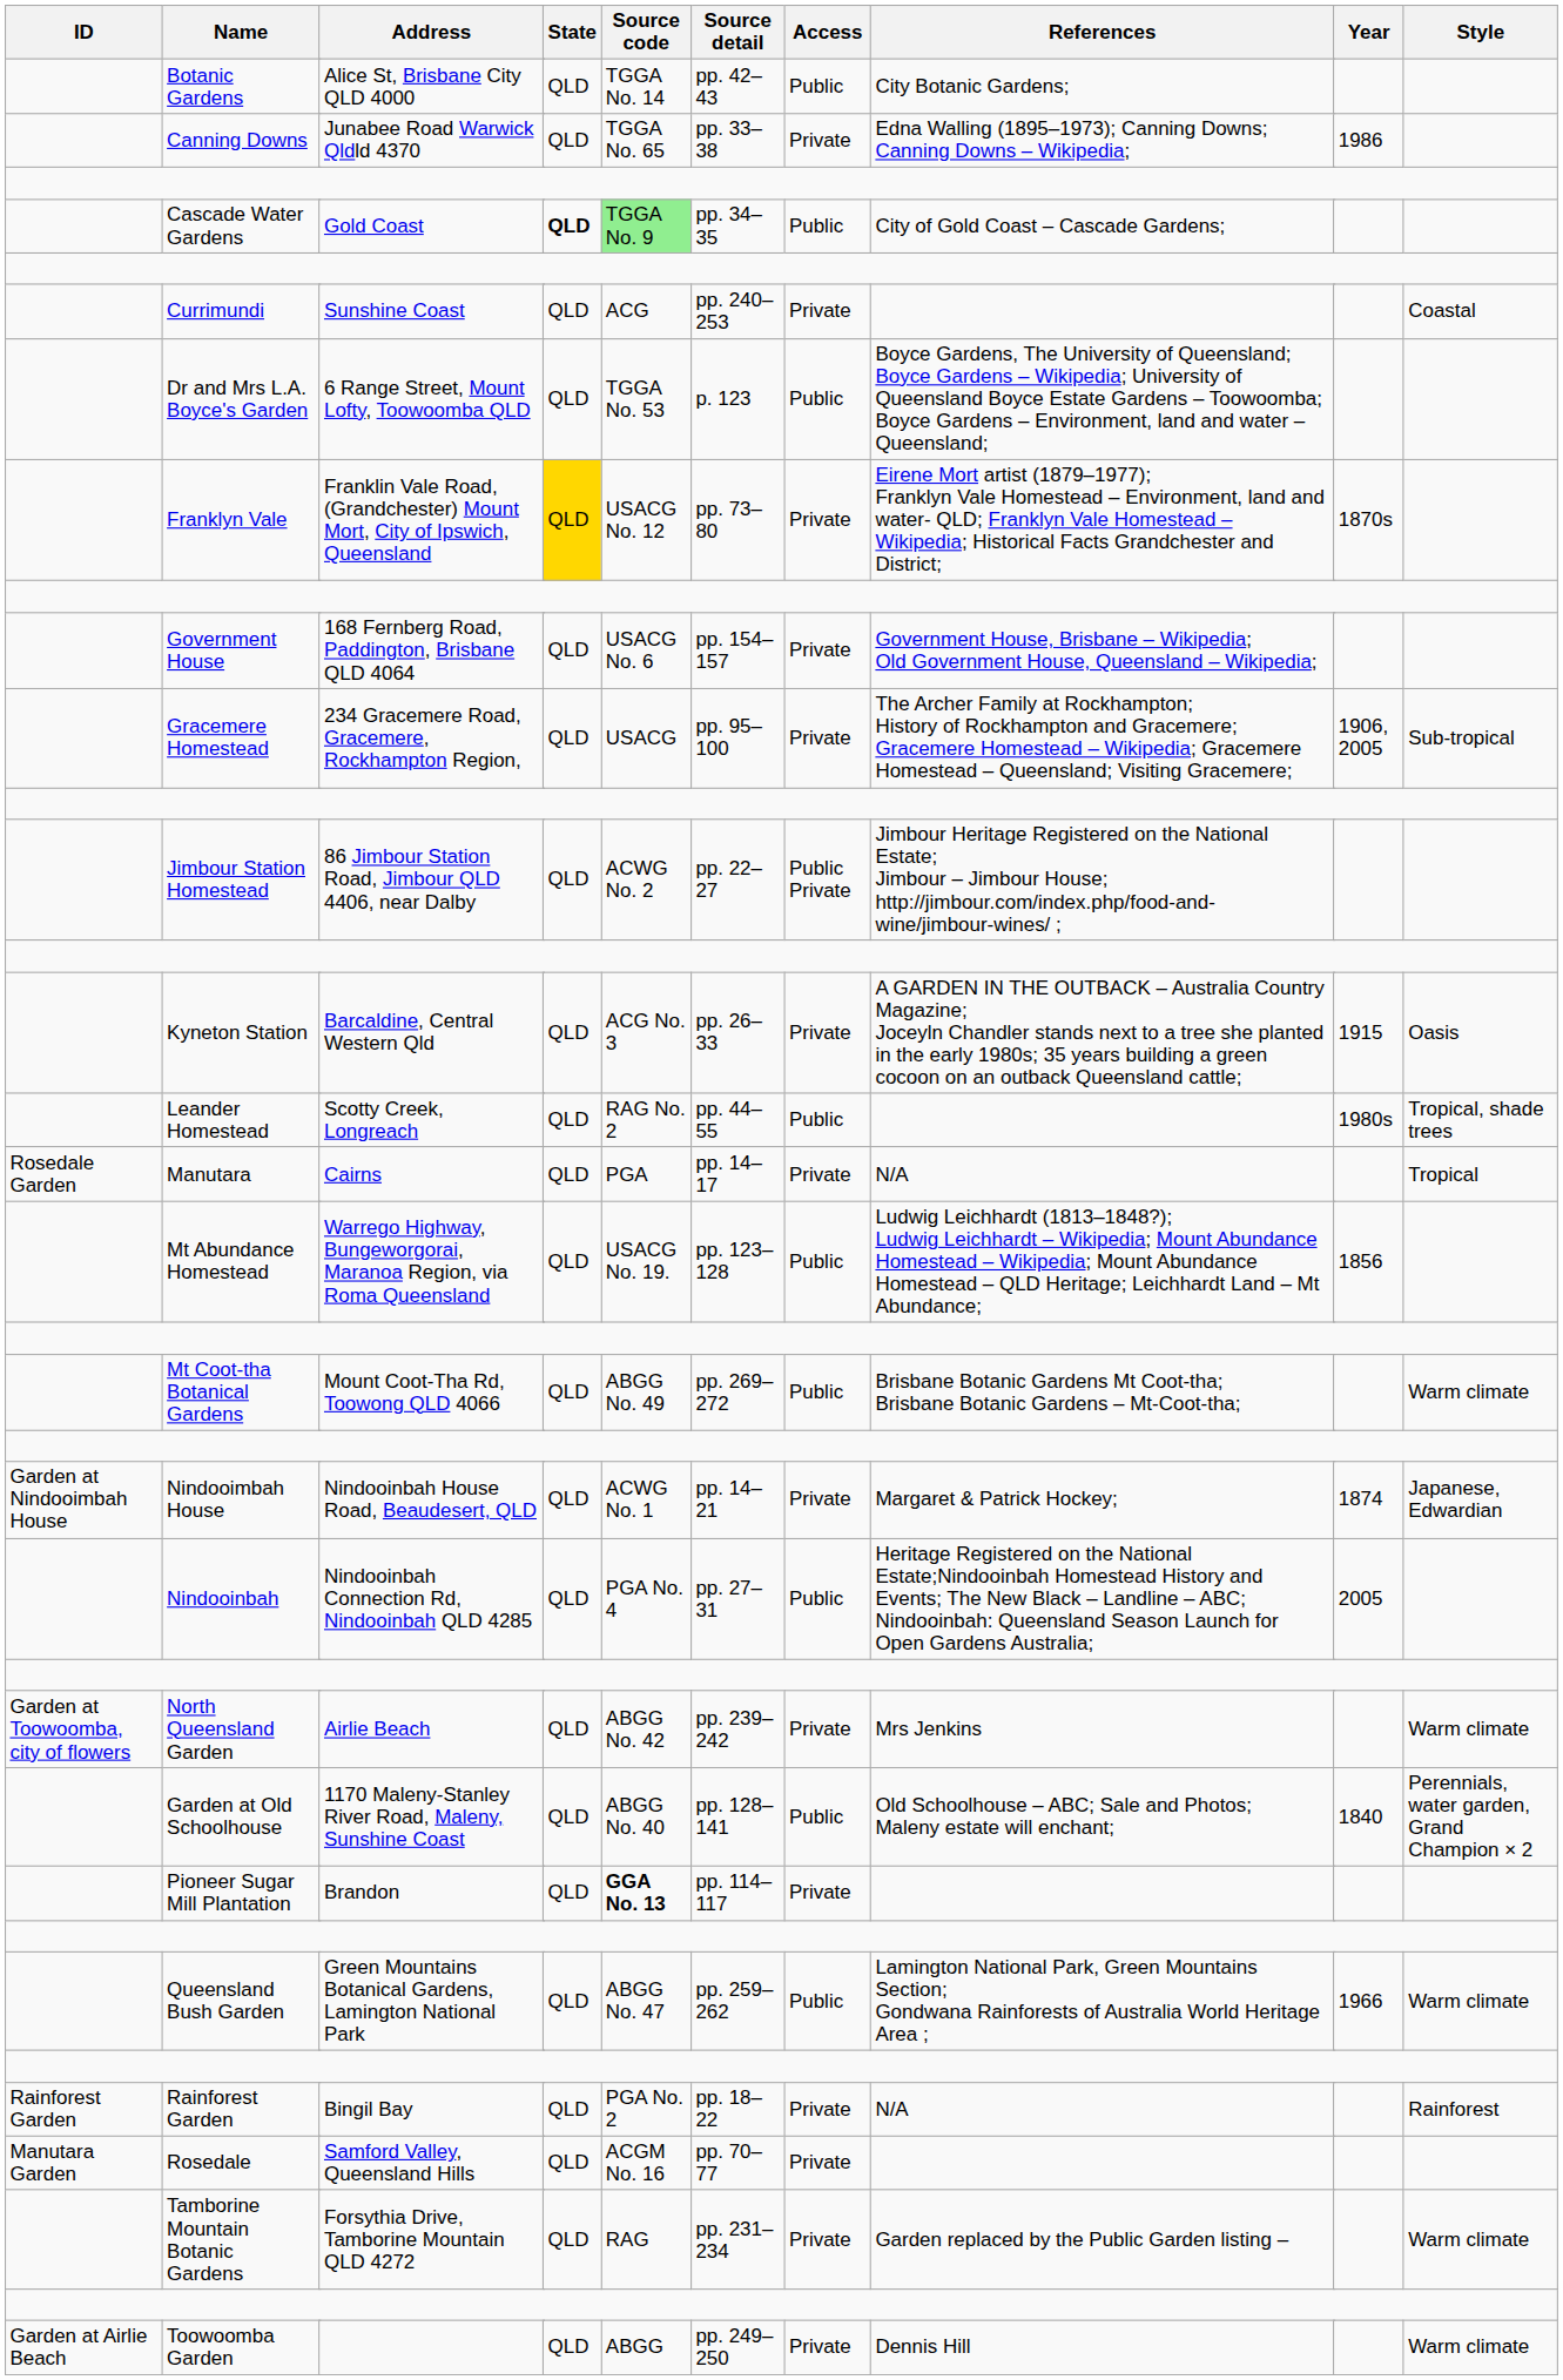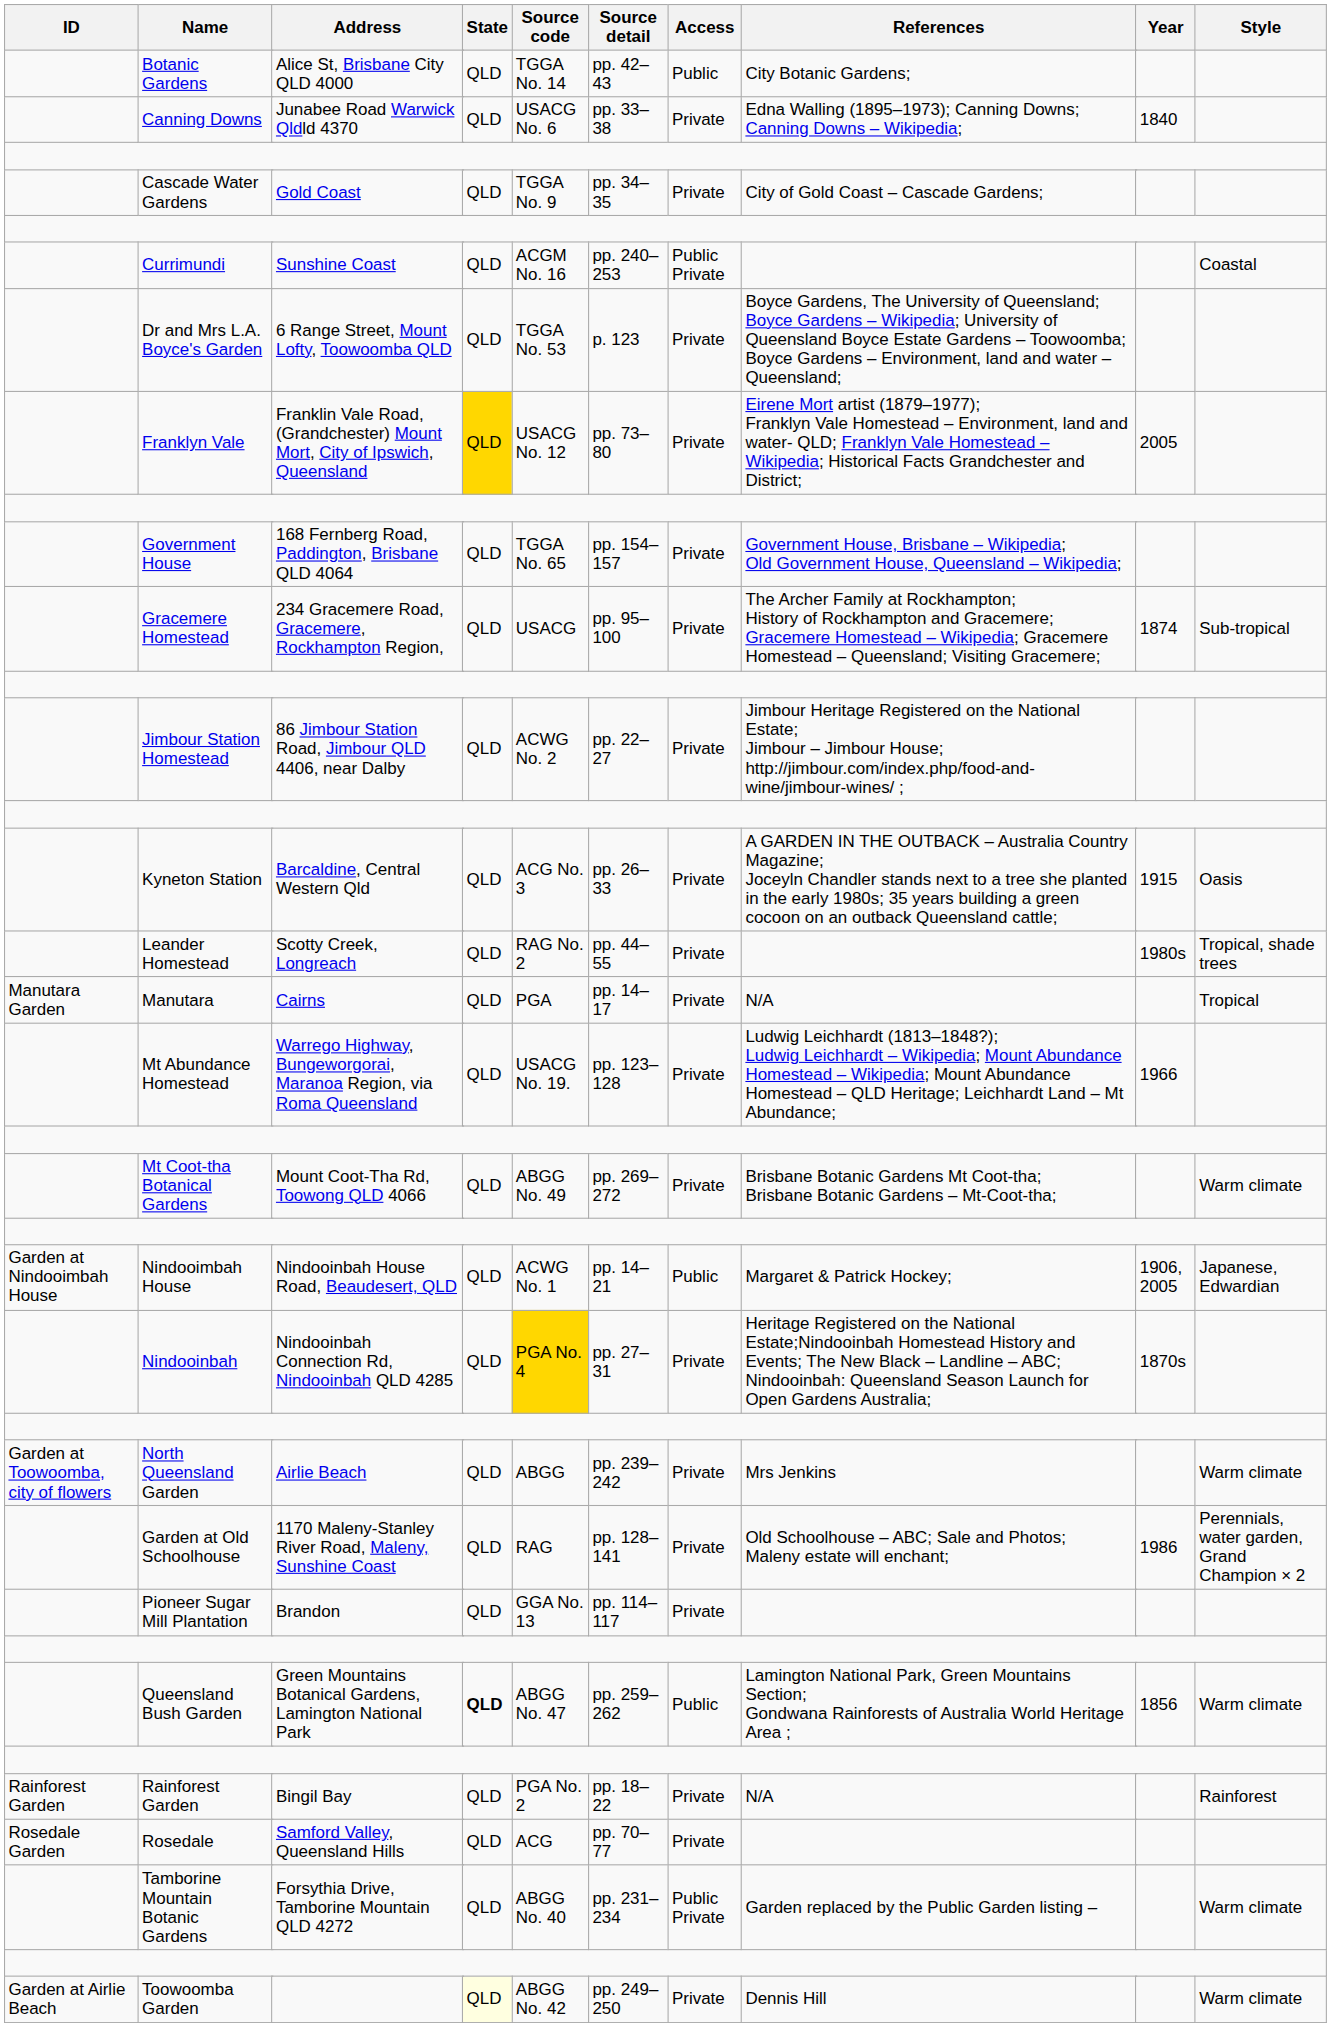 <table class="wikitable">
 <tr>
 <th colspan="1">ID</th>
 <th colspan="2">Name</th>
 <th colspan="3">Address</th>
 <th colspan="1">State</th>
 <th colspan="1">Source code</th>
 <th colspan="2">Source detail</th>
 <th colspan="1">Access</th>
 <th colspan="5">References</th>
 <th colspan="1">Year</th>
 <th colspan="2">Style</th>
 </tr>
 <tr>
 <td colspan="1"><br></td>
 <td colspan="2"><a href='#'>Botanic Gardens</a></td>
 <td colspan="3">Alice St, <a href='#'>Brisbane</a> City QLD 4000</td>
 <td colspan="1">QLD</td>
 <td colspan="1">TGGA No. 14</td>
 <td colspan="2">pp. 42–43</td>
 <td colspan="1">Public</td>
 <td colspan="5">City Botanic Gardens;</td>
 <td colspan="1"></td>
 <td colspan="2"></td>
 </tr>
 <tr>
 <td colspan="1"><br></td>
 <td colspan="2"><a href='#'>Canning Downs</a></td>
 <td colspan="3">Junabee Road <a href='#'>Warwick Qld</a>ld 4370</td>
 <td colspan="1">QLD</td>
-<td colspan="1">TGGA No. 65</td>
+<td colspan="1">USACG No. 6</td>
 <td colspan="2">pp. 33–38</td>
 <td colspan="1">Private</td>
 <td colspan="5">Edna Walling (1895–1973); Canning Downs;<br><a href='#'>Canning Downs – Wikipedia</a>;</td>
-<td colspan="1">1986</td>
+<td colspan="1">1840</td>
 <td colspan="2"></td>
 </tr>
 <tr>
 <td Colspan="19"><br></td>
 </tr>
 <tr>
 <td colspan="1"><br></td>
 <td colspan="2">Cascade Water Gardens</td>
 <td colspan="3"><a href='#'>Gold Coast</a></td>
-<td colspan="1"><strong>QLD</strong></td>
-<td colspan="1" style="background: lightgreen;">TGGA No. 9</td>
+<td colspan="1">QLD</td>
+<td colspan="1">TGGA No. 9</td>
 <td colspan="2">pp. 34–35</td>
-<td colspan="1">Public</td>
+<td colspan="1">Private</td>
 <td colspan="5">City of Gold Coast – Cascade Gardens;</td>
 <td colspan="1"></td>
 <td colspan="2"></td>
 </tr>
 <tr>
 <td colspan="19"><br></td>
 </tr>
 <tr>
 <td colspan="1"><br></td>
 <td colspan="2"><a href='#'>Currimundi</a></td>
 <td colspan="3"><a href='#'>Sunshine Coast</a></td>
 <td colspan="1">QLD</td>
-<td colspan="1">ACG</td>
+<td colspan="1">ACGM No. 16</td>
 <td colspan="2">pp. 240–253</td>
-<td colspan="1">Private</td>
+<td colspan="1">Public	Private</td>
 <td colspan="5"></td>
 <td colspan="1"></td>
 <td colspan="2">Coastal</td>
 </tr>
 <tr>
 <td colspan="1"><br></td>
 <td colspan="2">Dr and Mrs L.A. <a href='#'>Boyce's Garden</a></td>
 <td colspan="3">6 Range Street, <a href='#'>Mount Lofty</a>, <a href='#'>Toowoomba QLD</a></td>
 <td colspan="1">QLD</td>
 <td colspan="1">TGGA No. 53</td>
 <td colspan="2">p. 123</td>
-<td colspan="1">Public</td>
+<td colspan="1">Private</td>
 <td colspan="5">Boyce Gardens, The University of Queensland;<br><a href='#'>Boyce Gardens – Wikipedia</a>; University of Queensland Boyce Estate Gardens – Toowoomba; Boyce Gardens – Environment, land and water – Queensland;</td>
 <td colspan="1"></td>
 <td colspan="2"></td>
 </tr>
 <tr>
 <td colspan="1"><br></td>
 <td colspan="2"><a href='#'>Franklyn Vale</a></td>
 <td colspan="3">Franklin Vale Road,(Grandchester) <a href='#'>Mount Mort</a>, <a href='#'>City of Ipswich</a>, <a href='#'>Queensland</a></td>
 <td colspan="1" style="background: gold;">QLD</td>
 <td colspan="1">USACG No. 12</td>
 <td colspan="2">pp. 73–80</td>
 <td colspan="1">Private</td>
 <td colspan="5"><a href='#'>Eirene Mort</a> artist (1879–1977);<br>Franklyn Vale Homestead – Environment, land and water- QLD;  <a href='#'>Franklyn Vale Homestead – Wikipedia</a>;  Historical Facts Grandchester and District;</td>
-<td colspan="1">1870s</td>
+<td colspan="1">2005</td>
 <td colspan="2"></td>
 </tr>
 <tr>
 <td colspan="19"><br></td>
 </tr>
 <tr>
 <td colspan="1"><br></td>
 <td colspan="2"><a href='#'>Government House</a></td>
 <td colspan="3">168 Fernberg Road, <a href='#'>Paddington</a>, <a href='#'>Brisbane</a> QLD 4064</td>
 <td colspan="1">QLD</td>
-<td colspan="1">USACG No. 6</td>
+<td colspan="1">TGGA No. 65</td>
 <td colspan="2">pp. 154–157</td>
 <td colspan="1">Private</td>
 <td colspan="5"><a href='#'>Government House, Brisbane – Wikipedia</a>;<br><a href='#'>Old Government House, Queensland – Wikipedia</a>;</td>
 <td colspan="1"></td>
 <td colspan="2"></td>
 </tr>
 <tr>
 <td colspan="1"><br></td>
 <td colspan="2"><a href='#'>Gracemere Homestead</a></td>
 <td colspan="3">234 Gracemere Road, <a href='#'>Gracemere</a>, <a href='#'>Rockhampton</a> Region,</td>
 <td colspan="1">QLD</td>
 <td colspan="1">USACG</td>
 <td colspan="2">pp. 95–100</td>
 <td colspan="1">Private</td>
 <td colspan="5">The Archer Family at Rockhampton;<br>History of Rockhampton and Gracemere;  <a href='#'>Gracemere Homestead – Wikipedia</a>;  Gracemere Homestead – Queensland; Visiting Gracemere;</td>
-<td colspan="1">1906, 2005</td>
+<td colspan="1">1874</td>
 <td colspan="2">Sub-tropical</td>
 </tr>
 <tr>
 <td colspan="19"><br></td>
 </tr>
 <tr>
 <td colspan="1"><br></td>
 <td colspan="2"><a href='#'>Jimbour Station</a> <a href='#'>Homestead</a></td>
 <td colspan="3">86 <a href='#'>Jimbour Station</a> Road, <a href='#'>Jimbour QLD</a> 4406, near Dalby</td>
 <td colspan="1">QLD</td>
 <td colspan="1">ACWG No. 2</td>
 <td colspan="2">pp. 22–27</td>
-<td colspan="1">Public	Private</td>
+<td colspan="1">Private</td>
 <td colspan="5">Jimbour Heritage Registered on the National Estate;<br>Jimbour – Jimbour House; http://jimbour.com/index.php/food-and-wine/jimbour-wines/ ;</td>
 <td colspan="1"></td>
 <td colspan="2"> </td>
 </tr>
 <tr>
 <td colspan="19"><br></td>
 </tr>
 <tr>
 <td colspan="1"><br></td>
 <td colspan="2">Kyneton Station</td>
 <td colspan="3"><a href='#'>Barcaldine</a>, Central Western Qld</td>
 <td colspan="1">QLD</td>
 <td colspan="1">ACG No. 3</td>
 <td colspan="2">pp. 26–33</td>
 <td colspan="1">Private</td>
 <td colspan="5">A GARDEN IN THE OUTBACK – Australia Country Magazine;<br>Joceyln Chandler stands next to a tree she planted in the early 1980s; 35 years building a green cocoon on an outback Queensland cattle;</td>
 <td colspan="1">1915</td>
 <td colspan="2">Oasis</td>
 </tr>
 <tr>
 <td colspan="1"><br></td>
 <td colspan="2">Leander Homestead</td>
 <td colspan="3">Scotty Creek, <a href='#'>Longreach</a></td>
 <td colspan="1">QLD</td>
 <td colspan="1">RAG No. 2</td>
 <td colspan="2">pp. 44–55</td>
-<td colspan="1">Public</td>
+<td colspan="1">Private</td>
 <td colspan="5"></td>
 <td colspan="1">1980s</td>
 <td colspan="2">Tropical, shade trees</td>
 </tr>
 <tr>
-<td colspan="1">Rosedale Garden</td>
+<td colspan="1">Manutara Garden</td>
 <td colspan="2">Manutara</td>
 <td colspan="3"><a href='#'>Cairns</a></td>
 <td colspan="1">QLD</td>
 <td colspan="1">PGA</td>
 <td colspan="2">pp. 14–17</td>
 <td colspan="1">Private</td>
 <td colspan="5">N/A</td>
 <td colspan="1"></td>
 <td colspan="2">Tropical</td>
 </tr>
 <tr>
 <td colspan="1"><br></td>
 <td colspan="2">Mt Abundance Homestead</td>
 <td colspan="3"><a href='#'>Warrego Highway</a>, <a href='#'>Bungeworgorai</a>, <a href='#'>Maranoa</a> Region, via <a href='#'>Roma Queensland</a></td>
 <td colspan="1">QLD</td>
 <td colspan="1">USACG No. 19.</td>
 <td colspan="2">pp. 123–128</td>
-<td colspan="1">Public</td>
+<td colspan="1">Private</td>
 <td colspan="5">Ludwig Leichhardt (1813–1848?);<br><a href='#'>Ludwig Leichhardt – Wikipedia</a>; <a href='#'>Mount Abundance Homestead – Wikipedia</a>;  Mount Abundance Homestead – QLD Heritage;  Leichhardt Land – Mt Abundance;</td>
-<td colspan="1">1856</td>
+<td colspan="1">1966</td>
 <td colspan="2"></td>
 </tr>
 <tr>
 <td colspan="19"><br></td>
 </tr>
 <tr>
 <td colspan="1"><br></td>
 <td colspan="2"><a href='#'>Mt Coot-tha Botanical Gardens</a></td>
 <td colspan="3">Mount Coot-Tha Rd, <a href='#'>Toowong QLD</a> 4066</td>
 <td colspan="1">QLD</td>
 <td colspan="1">ABGG No. 49</td>
 <td colspan="2">pp. 269–272</td>
-<td colspan="1">Public</td>
+<td colspan="1">Private</td>
 <td colspan="5">Brisbane Botanic Gardens Mt Coot-tha;<br>Brisbane Botanic Gardens – Mt-Coot-tha;</td>
 <td colspan="1"></td>
 <td colspan="2">Warm climate</td>
 </tr>
 <tr>
 <td colspan="19"><br></td>
 </tr>
 <tr>
 <td colspan="1">Garden at Nindooimbah House</td>
 <td colspan="2">Nindooimbah House</td>
 <td colspan="3">Nindooinbah House Road, <a href='#'>Beaudesert, QLD</a></td>
 <td colspan="1">QLD</td>
 <td colspan="1">ACWG No. 1</td>
 <td colspan="2">pp. 14–21</td>
-<td colspan="1">Private</td>
+<td colspan="1">Public</td>
 <td colspan="5">Margaret & Patrick Hockey;</td>
-<td colspan="1">1874</td>
+<td colspan="1">1906, 2005</td>
 <td colspan="2">Japanese, Edwardian</td>
 </tr>
 <tr>
 <td colspan="1"><br></td>
 <td colspan="2"><a href='#'>Nindooinbah</a></td>
 <td colspan="3">Nindooinbah Connection Rd, <a href='#'>Nindooinbah</a> QLD 4285</td>
 <td colspan="1">QLD</td>
-<td colspan="1">PGA No. 4</td>
+<td colspan="1" style="background: gold;">PGA No. 4</td>
 <td colspan="2">pp. 27–31</td>
-<td colspan="1">Public</td>
+<td colspan="1">Private</td>
 <td colspan="5">Heritage Registered on the National Estate;Nindooinbah Homestead History and Events; The New Black – Landline – ABC;<br>Nindooinbah: Queensland Season Launch for Open Gardens Australia;</td>
-<td colspan="1">2005</td>
+<td colspan="1">1870s</td>
 <td colspan="2"></td>
 </tr>
 <tr>
 <td colspan="19"><br></td>
 </tr>
 <tr>
 <td colspan="1">Garden at <a href='#'>Toowoomba, city of flowers</a></td>
 <td colspan="2"><a href='#'>North Queensland</a> Garden</td>
 <td colspan="3"><a href='#'>Airlie Beach</a></td>
 <td colspan="1">QLD</td>
-<td colspan="1">ABGG No. 42</td>
+<td colspan="1">ABGG</td>
 <td colspan="2">pp. 239–242</td>
 <td colspan="1">Private</td>
 <td colspan="5">Mrs Jenkins</td>
 <td colspan="1"></td>
 <td colspan="2">Warm climate</td>
 </tr>
 <tr>
 <td colspan="1"><br></td>
 <td colspan="2">Garden at Old Schoolhouse</td>
 <td colspan="3">1170 Maleny-Stanley River Road, <a href='#'>Maleny, Sunshine Coast</a></td>
 <td colspan="1">QLD</td>
-<td colspan="1">ABGG No. 40</td>
+<td colspan="1">RAG</td>
 <td colspan="2">pp. 128–141</td>
-<td colspan="1">Public</td>
+<td colspan="1">Private</td>
 <td colspan="5">Old Schoolhouse – ABC; Sale and Photos;<br>Maleny estate will enchant;</td>
-<td colspan="1">1840</td>
+<td colspan="1">1986</td>
 <td colspan="2">Perennials, water garden, Grand Champion × 2</td>
 </tr>
 <tr>
 <td colspan="1"><br></td>
 <td colspan="2">Pioneer Sugar Mill Plantation</td>
 <td colspan="3">Brandon</td>
 <td colspan="1">QLD</td>
-<td colspan="1"><strong>GGA No. 13</strong></td>
+<td colspan="1">GGA No. 13</td>
 <td colspan="2">pp. 114–117</td>
 <td colspan="1">Private</td>
 <td colspan="5"></td>
 <td colspan="1"></td>
 <td colspan="2"></td>
 </tr>
 <tr>
 <td colspan="19"><br></td>
 </tr>
 <tr>
 <td colspan="1"><br></td>
 <td colspan="2">Queensland Bush Garden</td>
 <td colspan="3">Green Mountains Botanical Gardens, Lamington National Park</td>
-<td colspan="1">QLD</td>
+<td colspan="1"><strong>QLD</strong></td>
 <td colspan="1">ABGG No. 47</td>
 <td colspan="2">pp. 259–262</td>
 <td colspan="1">Public</td>
 <td colspan="5">Lamington National Park, Green Mountains Section;<br>Gondwana Rainforests of Australia World Heritage Area ;</td>
-<td colspan="1">1966</td>
+<td colspan="1">1856</td>
 <td colspan="2">Warm climate</td>
 </tr>
 <tr>
 <td colspan="19"><br></td>
 </tr>
 <tr>
 <td colspan="1">Rainforest Garden</td>
 <td colspan="2">Rainforest Garden</td>
 <td colspan="3">Bingil Bay</td>
 <td colspan="1">QLD</td>
 <td colspan="1">PGA No. 2</td>
 <td colspan="2">pp. 18–22</td>
 <td colspan="1">Private</td>
 <td colspan="5">N/A</td>
 <td colspan="1"></td>
 <td colspan="2">Rainforest</td>
 </tr>
 <tr>
-<td colspan="1">Manutara Garden</td>
+<td colspan="1">Rosedale Garden</td>
 <td colspan="2">Rosedale</td>
 <td colspan="3"><a href='#'>Samford Valley</a>, Queensland Hills</td>
 <td colspan="1">QLD</td>
-<td colspan="1">ACGM No. 16</td>
+<td colspan="1">ACG</td>
 <td colspan="2">pp. 70–77</td>
 <td colspan="1">Private</td>
 <td colspan="5"></td>
 <td colspan="1"></td>
 <td colspan="2"></td>
 </tr>
 <tr>
 <td colspan="1"><br></td>
 <td colspan="2">Tamborine Mountain Botanic Gardens</td>
 <td colspan="3">Forsythia Drive, Tamborine Mountain QLD 4272</td>
 <td colspan="1">QLD</td>
-<td colspan="1">RAG</td>
+<td colspan="1">ABGG No. 40</td>
 <td colspan="2">pp. 231–234</td>
-<td colspan="1">Private</td>
+<td colspan="1">Public	Private</td>
 <td colspan="5">Garden replaced by the Public Garden listing –<br></td>
 <td colspan="1"></td>
 <td colspan="2">Warm climate</td>
 </tr>
 <tr>
 <td colspan="19"><br></td>
 </tr>
 <tr>
 <td colspan="1">Garden at Airlie Beach</td>
 <td colspan="2">Toowoomba Garden</td>
 <td colspan="3"></td>
-<td colspan="1">QLD</td>
-<td colspan="1">ABGG</td>
+<td colspan="1" style="background: lightyellow;">QLD</td>
+<td colspan="1">ABGG No. 42</td>
 <td colspan="2">pp. 249–250</td>
 <td colspan="1">Private</td>
 <td colspan="5">Dennis Hill</td>
 <td colspan="1"></td>
 <td colspan="2">Warm climate</td>
 </tr>
 <tr>
 </tr>
 </table>
